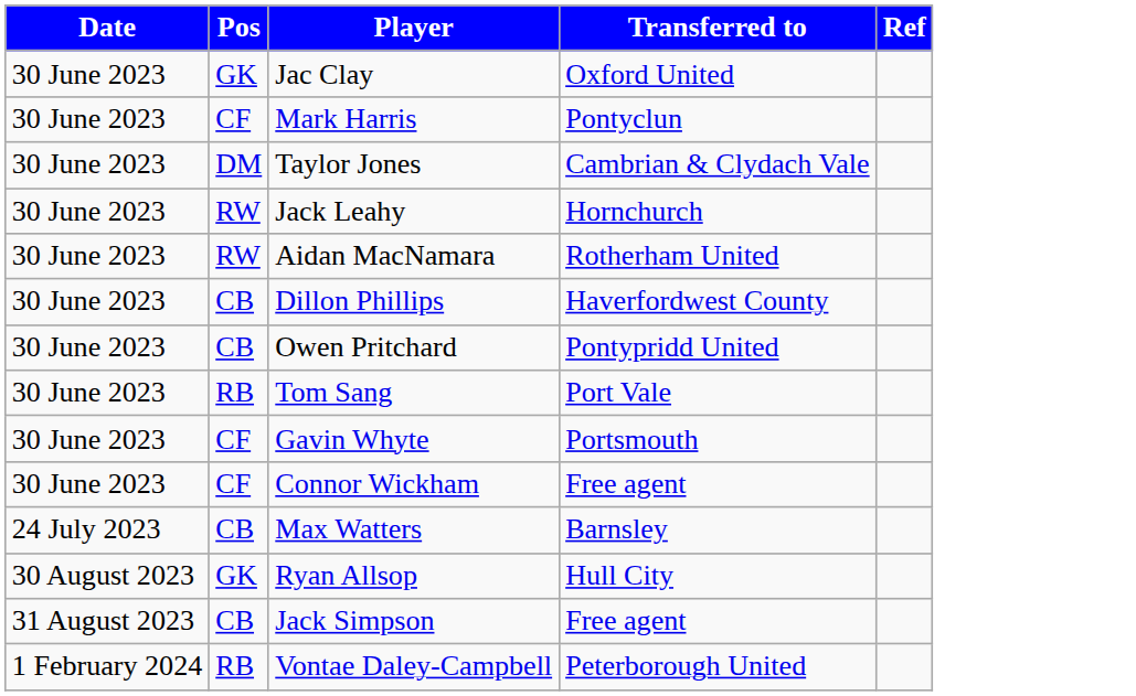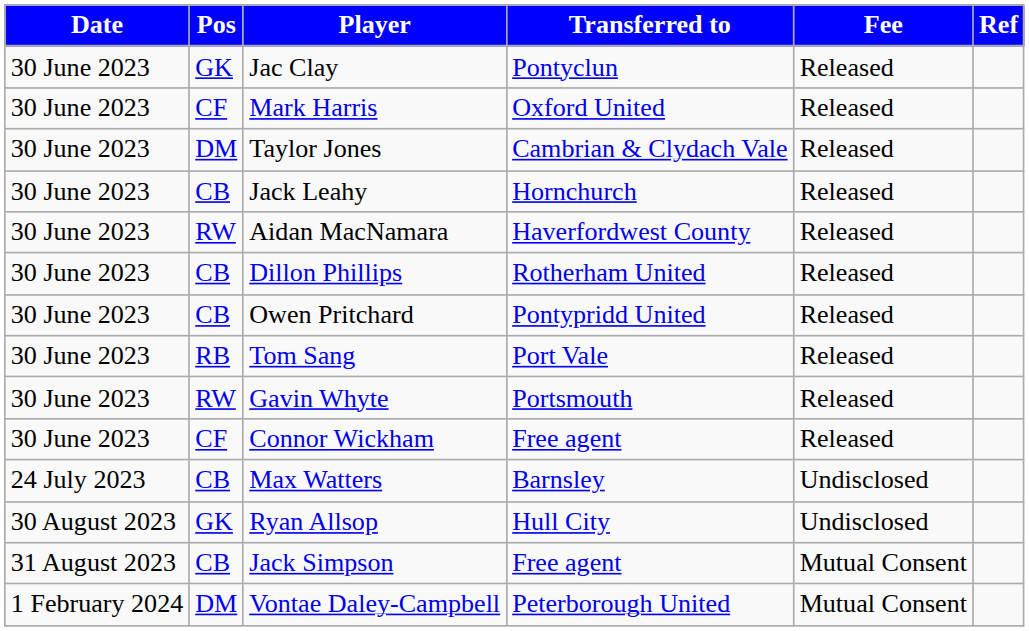 <table class="wikitable plainrowheaders sortable">
 <tr>
 <th style="background: blue; color: white; ">Date</th>
 <th style="background: blue; color: white; ">Pos</th>
 <th style="background: blue; color: white; ">Player</th>
 <th style="background: blue; color: white; ">Transferred to</th>
+<th style="background: blue; color: white; ">Fee</th>
 <th style="background: blue; color: white; ">Ref</th>
 </tr>
 <tr>
 <td>30 June 2023</td>
 <td><a href='#'>GK</a></td>
 <td> Jac Clay</td>
-<td> <a href='#'>Oxford United</a></td>
+<td> <a href='#'>Pontyclun</a></td>
+<td>Released</td>
 <td></td>
 </tr>
 <tr>
 <td>30 June 2023</td>
 <td><a href='#'>CF</a></td>
 <td> <a href='#'>Mark Harris</a></td>
-<td> <a href='#'>Pontyclun</a></td>
+<td> <a href='#'>Oxford United</a></td>
+<td>Released</td>
 <td></td>
 </tr>
 <tr>
 <td>30 June 2023</td>
 <td><a href='#'>DM</a></td>
 <td> Taylor Jones</td>
 <td> <a href='#'>Cambrian & Clydach Vale</a></td>
+<td>Released</td>
 <td></td>
 </tr>
 <tr>
 <td>30 June 2023</td>
-<td><a href='#'>RW</a></td>
+<td><a href='#'>CB</a></td>
 <td> Jack Leahy</td>
 <td> <a href='#'>Hornchurch</a></td>
+<td>Released</td>
 <td></td>
 </tr>
 <tr>
 <td>30 June 2023</td>
 <td><a href='#'>RW</a></td>
 <td> Aidan MacNamara</td>
-<td> <a href='#'>Rotherham United</a></td>
+<td> <a href='#'>Haverfordwest County</a></td>
+<td>Released</td>
 <td></td>
 </tr>
 <tr>
 <td>30 June 2023</td>
 <td><a href='#'>CB</a></td>
 <td> <a href='#'>Dillon Phillips</a></td>
-<td> <a href='#'>Haverfordwest County</a></td>
+<td> <a href='#'>Rotherham United</a></td>
+<td>Released</td>
 <td></td>
 </tr>
 <tr>
 <td>30 June 2023</td>
 <td><a href='#'>CB</a></td>
 <td> Owen Pritchard</td>
 <td> <a href='#'>Pontypridd United</a></td>
+<td>Released</td>
 <td></td>
 </tr>
 <tr>
 <td>30 June 2023</td>
 <td><a href='#'>RB</a></td>
 <td> <a href='#'>Tom Sang</a></td>
 <td> <a href='#'>Port Vale</a></td>
+<td>Released</td>
 <td></td>
 </tr>
 <tr>
 <td>30 June 2023</td>
-<td><a href='#'>CF</a></td>
+<td><a href='#'>RW</a></td>
 <td> <a href='#'>Gavin Whyte</a></td>
 <td> <a href='#'>Portsmouth</a></td>
+<td>Released</td>
 <td></td>
 </tr>
 <tr>
 <td>30 June 2023</td>
 <td><a href='#'>CF</a></td>
 <td> <a href='#'>Connor Wickham</a></td>
 <td> <a href='#'>Free agent</a></td>
+<td>Released</td>
 <td></td>
 </tr>
 <tr>
 <td>24 July 2023</td>
 <td><a href='#'>CB</a></td>
 <td> <a href='#'>Max Watters</a></td>
 <td> <a href='#'>Barnsley</a></td>
+<td>Undisclosed</td>
 <td></td>
 </tr>
 <tr>
 <td>30 August 2023</td>
 <td><a href='#'>GK</a></td>
 <td> <a href='#'>Ryan Allsop</a></td>
 <td> <a href='#'>Hull City</a></td>
+<td>Undisclosed</td>
 <td></td>
 </tr>
 <tr>
 <td>31 August 2023</td>
 <td><a href='#'>CB</a></td>
 <td> <a href='#'>Jack Simpson</a></td>
 <td> <a href='#'>Free agent</a></td>
+<td>Mutual Consent</td>
 <td></td>
 </tr>
 <tr>
 <td>1 February 2024</td>
-<td><a href='#'>RB</a></td>
+<td><a href='#'>DM</a></td>
 <td> <a href='#'>Vontae Daley-Campbell</a></td>
 <td> <a href='#'>Peterborough United</a></td>
+<td>Mutual Consent</td>
 <td></td>
 </tr>
 </table>
